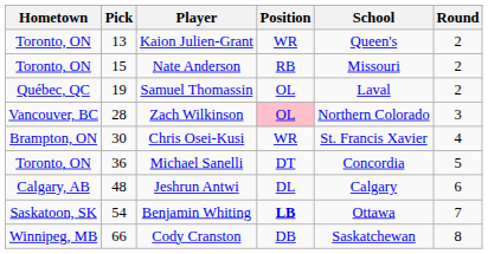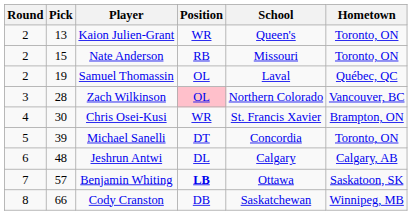 <table class="wikitable" style="font-size: 95%;">
 <tr>
-<th scope="col">Hometown</th>
+<th scope="col">Round</th>
 <th scope="col">Pick</th>
 <th scope="col">Player</th>
 <th scope="col">Position</th>
 <th scope="col">School</th>
-<th scope="col">Round</th>
+<th scope="col">Hometown</th>
 </tr>
 <tr align="center">
-<td><a href='#'>Toronto, ON</a></td>
+<td align=center>2</td>
 <td>13</td>
 <td><a href='#'>Kaion Julien-Grant</a></td>
 <td><a href='#'>WR</a></td>
 <td><a href='#'>Queen's</a></td>
-<td align=center>2</td>
+<td><a href='#'>Toronto, ON</a></td>
 </tr>
 <tr align="center">
-<td><a href='#'>Toronto, ON</a></td>
+<td align=center>2</td>
 <td>15</td>
 <td><a href='#'>Nate Anderson</a></td>
 <td><a href='#'>RB</a></td>
 <td><a href='#'>Missouri</a></td>
-<td align=center>2</td>
+<td><a href='#'>Toronto, ON</a></td>
 </tr>
 <tr align="center">
-<td><a href='#'>Québec, QC</a></td>
+<td align=center>2</td>
 <td>19</td>
 <td><a href='#'>Samuel Thomassin</a></td>
 <td><a href='#'>OL</a></td>
 <td><a href='#'>Laval</a></td>
-<td align=center>2</td>
+<td><a href='#'>Québec, QC</a></td>
 </tr>
 <tr align="center">
-<td><a href='#'>Vancouver, BC</a></td>
+<td align=center>3</td>
 <td>28</td>
 <td><a href='#'>Zach Wilkinson</a></td>
 <td style="background: pink;"><a href='#'>OL</a></td>
 <td><a href='#'>Northern Colorado</a></td>
-<td align=center>3</td>
+<td><a href='#'>Vancouver, BC</a></td>
 </tr>
 <tr align="center">
-<td><a href='#'>Brampton, ON</a></td>
+<td align=center>4</td>
 <td>30</td>
 <td><a href='#'>Chris Osei-Kusi</a></td>
 <td><a href='#'>WR</a></td>
 <td><a href='#'>St. Francis Xavier</a></td>
-<td align=center>4</td>
+<td><a href='#'>Brampton, ON</a></td>
 </tr>
 <tr align="center">
-<td><a href='#'>Toronto, ON</a></td>
-<td>36</td>
+<td align=center>5</td>
+<td>39</td>
 <td><a href='#'>Michael Sanelli</a></td>
 <td><a href='#'>DT</a></td>
 <td><a href='#'>Concordia</a></td>
-<td align=center>5</td>
+<td><a href='#'>Toronto, ON</a></td>
 </tr>
 <tr align="center">
-<td><a href='#'>Calgary, AB</a></td>
+<td align=center>6</td>
 <td>48</td>
 <td><a href='#'>Jeshrun Antwi</a></td>
 <td><a href='#'>DL</a></td>
 <td><a href='#'>Calgary</a></td>
-<td align=center>6</td>
+<td><a href='#'>Calgary, AB</a></td>
 </tr>
 <tr align="center">
-<td><a href='#'>Saskatoon, SK</a></td>
-<td>54</td>
+<td align=center>7</td>
+<td>57</td>
 <td><a href='#'>Benjamin Whiting</a></td>
 <td><strong><a href='#'>LB</a></strong></td>
 <td><a href='#'>Ottawa</a></td>
-<td align=center>7</td>
+<td><a href='#'>Saskatoon, SK</a></td>
 </tr>
 <tr align="center">
-<td><a href='#'>Winnipeg, MB</a></td>
+<td align=center>8</td>
 <td>66</td>
 <td><a href='#'>Cody Cranston</a></td>
 <td><a href='#'>DB</a></td>
 <td><a href='#'>Saskatchewan</a></td>
-<td align=center>8</td>
+<td><a href='#'>Winnipeg, MB</a></td>
 </tr>
 </table>
